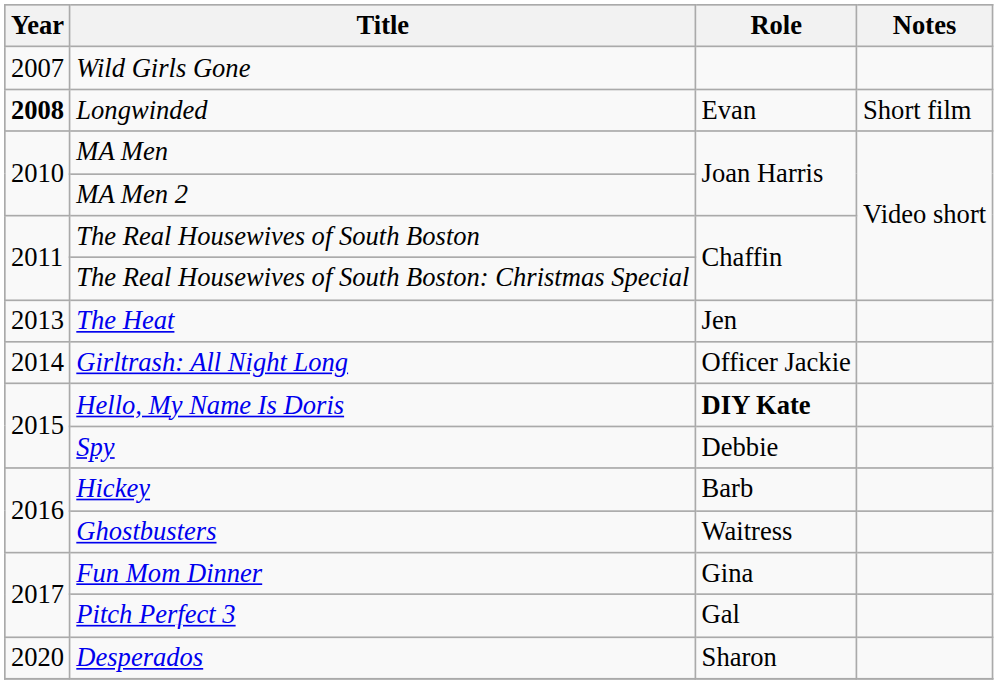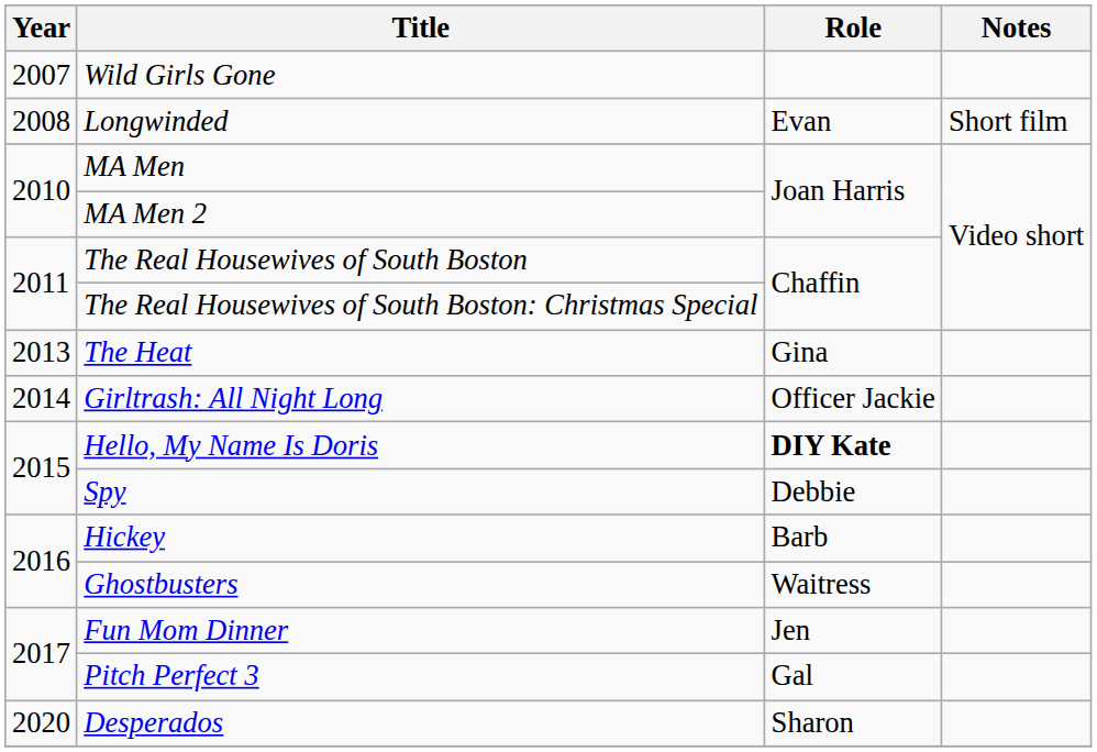 <table class="wikitable sortable">
 <tr>
 <th>Year</th>
 <th>Title</th>
 <th>Role</th>
 <th class="unsortable">Notes</th>
 </tr>
 <tr>
 <td>2007</td>
 <td><em>Wild Girls Gone</em></td>
 <td></td>
 <td></td>
 </tr>
 <tr>
-<td><strong>2008</strong></td>
+<td>2008</td>
 <td><em>Longwinded</em></td>
 <td>Evan</td>
 <td>Short film</td>
 </tr>
 <tr>
 <td rowspan=2>2010</td>
 <td><em>MA Men</em></td>
 <td rowspan=2>Joan Harris</td>
 <td rowspan=4>Video short</td>
 </tr>
 <tr>
 <td><em>MA Men 2</em></td>
 </tr>
 <tr>
 <td rowspan=2>2011</td>
 <td><em>The Real Housewives of South Boston</em></td>
 <td rowspan=2>Chaffin</td>
 </tr>
 <tr>
 <td><em>The Real Housewives of South Boston: Christmas Special</em></td>
 </tr>
 <tr>
 <td>2013</td>
 <td><em><a href='#'>The Heat</a></em></td>
-<td>Jen</td>
+<td>Gina</td>
 <td></td>
 </tr>
 <tr>
 <td>2014</td>
 <td><em><a href='#'>Girltrash: All Night Long</a></em></td>
 <td>Officer Jackie</td>
 <td></td>
 </tr>
 <tr>
 <td rowspan=2>2015</td>
 <td><em><a href='#'>Hello, My Name Is Doris</a></em></td>
 <td><strong>DIY Kate</strong></td>
 <td></td>
 </tr>
 <tr>
 <td><em><a href='#'>Spy</a></em></td>
 <td>Debbie</td>
 <td></td>
 </tr>
 <tr>
 <td rowspan=2>2016</td>
 <td><em><a href='#'>Hickey</a></em></td>
 <td>Barb</td>
 <td></td>
 </tr>
 <tr>
 <td><em><a href='#'>Ghostbusters</a></em></td>
 <td>Waitress</td>
 <td></td>
 </tr>
 <tr>
 <td rowspan=2>2017</td>
 <td><em><a href='#'>Fun Mom Dinner</a></em></td>
-<td>Gina</td>
+<td>Jen</td>
 <td></td>
 </tr>
 <tr>
 <td><em><a href='#'>Pitch Perfect 3</a></em></td>
 <td>Gal</td>
 <td></td>
 </tr>
 <tr>
 <td>2020</td>
 <td><em><a href='#'>Desperados</a></em></td>
 <td>Sharon</td>
 <td></td>
 </tr>
 <tr>
 </tr>
 </table>
